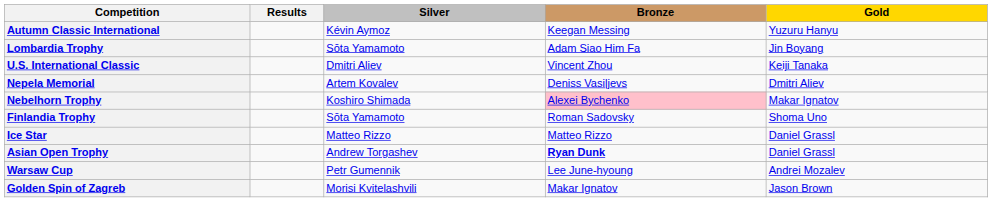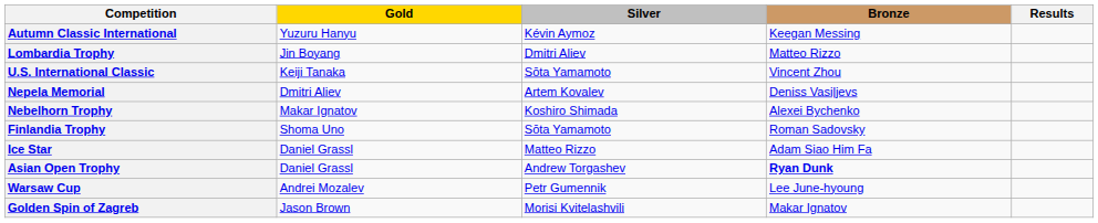 <table class="wikitable unsortable" style="text-align:left; width:90%;">
 <tr>
 <th scope="col" style="text-align:center; width:25%;">Competition</th>
-<th scope="col" style="text-align:center; width:7.5%;">Results</th>
+<td scope="col" style="text-align:center; width:22.5%; background:gold"><strong>Gold</strong></td>
 <td scope="col" style="text-align:center; width:22.5%; background:silver"><strong>Silver</strong></td>
 <td scope="col" style="text-align:center; width:22.5%; background:#c96"><strong>Bronze</strong></td>
-<td scope="col" style="text-align:center; width:22.5%; background:gold"><strong>Gold</strong></td>
+<th scope="col" style="text-align:center; width:7.5%;">Results</th>
 </tr>
 <tr>
 <th scope="row" style="text-align:left"> <a href='#'>Autumn Classic International</a></th>
-<td></td>
+<td> <a href='#'>Yuzuru Hanyu</a></td>
 <td> <a href='#'>Kévin Aymoz</a></td>
 <td> <a href='#'>Keegan Messing</a></td>
-<td> <a href='#'>Yuzuru Hanyu</a></td>
+<td></td>
 </tr>
 <tr>
 <th scope="row" style="text-align:left"> <a href='#'>Lombardia Trophy</a></th>
+<td> <a href='#'>Jin Boyang</a></td>
+<td> <a href='#'>Dmitri Aliev</a></td>
+<td> <a href='#'>Matteo Rizzo</a></td>
 <td></td>
-<td> <a href='#'>Sōta Yamamoto</a></td>
-<td> <a href='#'>Adam Siao Him Fa</a></td>
-<td> <a href='#'>Jin Boyang</a></td>
 </tr>
 <tr>
 <th scope="row" style="text-align:left"> <a href='#'>U.S. International Classic</a></th>
+<td> <a href='#'>Keiji Tanaka</a></td>
+<td> <a href='#'>Sōta Yamamoto</a></td>
+<td> <a href='#'>Vincent Zhou</a></td>
 <td></td>
-<td> <a href='#'>Dmitri Aliev</a></td>
-<td> <a href='#'>Vincent Zhou</a></td>
-<td> <a href='#'>Keiji Tanaka</a></td>
 </tr>
 <tr>
 <th scope="row" style="text-align:left"> <a href='#'>Nepela Memorial</a></th>
-<td></td>
+<td> <a href='#'>Dmitri Aliev</a></td>
 <td> <a href='#'>Artem Kovalev</a></td>
 <td> <a href='#'>Deniss Vasiļjevs</a></td>
-<td> <a href='#'>Dmitri Aliev</a></td>
+<td></td>
 </tr>
 <tr>
 <th scope="row" style="text-align:left"> <a href='#'>Nebelhorn Trophy</a></th>
+<td> <a href='#'>Makar Ignatov</a></td>
+<td> <a href='#'>Koshiro Shimada</a></td>
+<td> <a href='#'>Alexei Bychenko</a></td>
 <td></td>
-<td> <a href='#'>Koshiro Shimada</a></td>
-<td style="background: pink;"> <a href='#'>Alexei Bychenko</a></td>
-<td> <a href='#'>Makar Ignatov</a></td>
 </tr>
 <tr>
 <th scope="row" style="text-align:left"> <a href='#'>Finlandia Trophy</a></th>
-<td></td>
+<td> <a href='#'>Shoma Uno</a></td>
 <td> <a href='#'>Sōta Yamamoto</a></td>
 <td> <a href='#'>Roman Sadovsky</a></td>
-<td> <a href='#'>Shoma Uno</a></td>
+<td></td>
 </tr>
 <tr>
 <th scope="row" style="text-align:left"> <a href='#'>Ice Star</a></th>
+<td> <a href='#'>Daniel Grassl</a></td>
+<td> <a href='#'>Matteo Rizzo</a></td>
+<td> <a href='#'>Adam Siao Him Fa</a></td>
 <td></td>
-<td> <a href='#'>Matteo Rizzo</a></td>
-<td> <a href='#'>Matteo Rizzo</a></td>
-<td> <a href='#'>Daniel Grassl</a></td>
 </tr>
 <tr>
 <th scope="row" style="text-align:left"> <a href='#'>Asian Open Trophy</a></th>
-<td></td>
+<td> <a href='#'>Daniel Grassl</a></td>
 <td> <a href='#'>Andrew Torgashev</a></td>
 <td><strong> <a href='#'>Ryan Dunk</a></strong></td>
-<td> <a href='#'>Daniel Grassl</a></td>
+<td></td>
 </tr>
 <tr>
 <th scope="row" style="text-align:left"> <a href='#'>Warsaw Cup</a></th>
-<td></td>
+<td> <a href='#'>Andrei Mozalev</a></td>
 <td> <a href='#'>Petr Gumennik</a></td>
 <td> <a href='#'>Lee June-hyoung</a></td>
-<td> <a href='#'>Andrei Mozalev</a></td>
+<td></td>
 </tr>
 <tr>
 <th scope="row" style="text-align:left"> <a href='#'>Golden Spin of Zagreb</a></th>
-<td></td>
+<td> <a href='#'>Jason Brown</a></td>
 <td> <a href='#'>Morisi Kvitelashvili</a></td>
 <td> <a href='#'>Makar Ignatov</a></td>
-<td> <a href='#'>Jason Brown</a></td>
+<td></td>
 </tr>
 </table>
